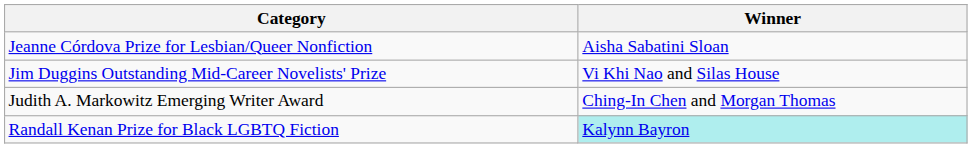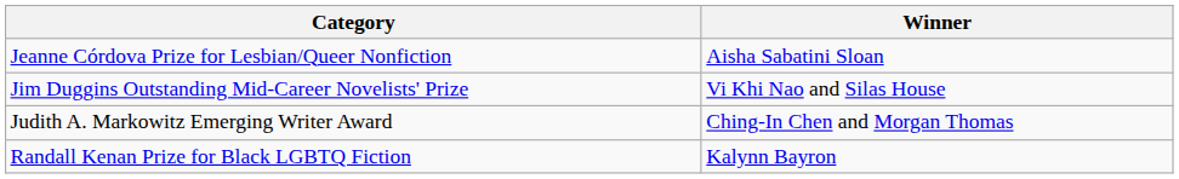 <table class="wikitable" width="100%">
 <tr>
 <th>Category</th>
 <th>Winner</th>
 </tr>
 <tr>
 <td><a href='#'>Jeanne Córdova Prize for Lesbian/Queer Nonfiction</a></td>
 <td><a href='#'>Aisha Sabatini Sloan</a></td>
 </tr>
 <tr>
 <td><a href='#'>Jim Duggins Outstanding Mid-Career Novelists' Prize</a></td>
 <td><a href='#'>Vi Khi Nao</a> and <a href='#'>Silas House</a></td>
 </tr>
 <tr>
 <td>Judith A. Markowitz Emerging Writer Award</td>
 <td><a href='#'>Ching-In Chen</a> and <a href='#'>Morgan Thomas</a></td>
 </tr>
 <tr>
 <td><a href='#'>Randall Kenan Prize for Black LGBTQ Fiction</a></td>
-<td style="background: paleturquoise;"><a href='#'>Kalynn Bayron</a></td>
+<td><a href='#'>Kalynn Bayron</a></td>
 </tr>
 </table>
